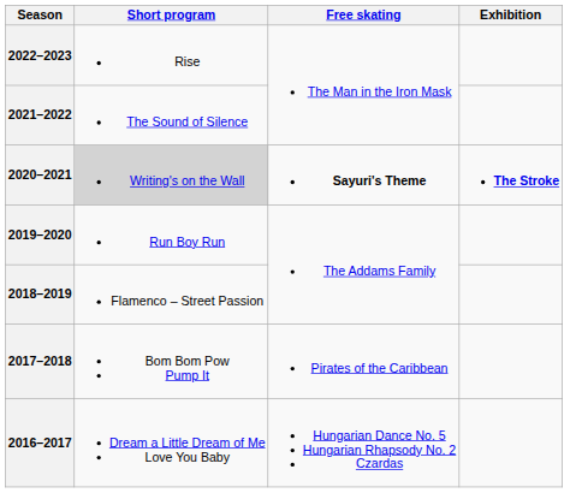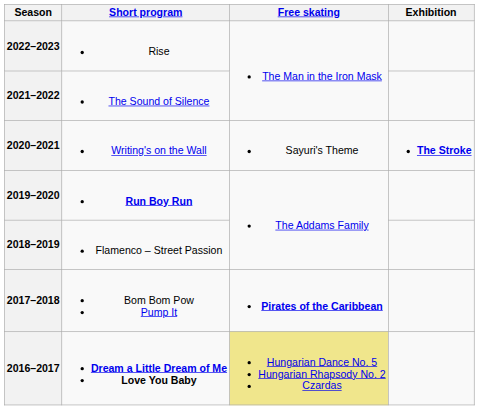 <table class="wikitable" style="text-align:center">
 <tr>
 <th>Season</th>
 <th><a href='#'>Short program</a></th>
 <th><a href='#'>Free skating</a></th>
 <th>Exhibition</th>
 </tr>
 <tr>
 <th>2022–2023 <br></th>
 <td><br><ul><li>Rise <br></li></ul></td>
 <td rowspan="2"><br><ul><li><a href='#'>The Man in the Iron Mask</a> <br></li></ul></td>
 <td></td>
 </tr>
 <tr>
 <th>2021–2022 <br></th>
 <td><br><ul><li><a href='#'>The Sound of Silence</a> <br></li></ul></td>
 <td></td>
 </tr>
 <tr>
 <th>2020–2021 <br></th>
-<td style="background: lightgrey;"><br><ul><li><a href='#'>Writing's on the Wall</a> <br></li></ul></td>
-<td><strong><br><ul><li>Sayuri's Theme <br></li></ul></strong></td>
+<td><br><ul><li><a href='#'>Writing's on the Wall</a> <br></li></ul></td>
+<td><br><ul><li>Sayuri's Theme <br></li></ul></td>
 <td><strong><br><ul><li><a href='#'>The Stroke</a> <br></li></ul></strong></td>
 </tr>
 <tr>
 <th>2019–2020 <br></th>
-<td><br><ul><li><a href='#'>Run Boy Run</a> <br></li></ul></td>
+<td><strong><br><ul><li><a href='#'>Run Boy Run</a> <br></li></ul></strong></td>
 <td rowspan="2"><br><ul><li><a href='#'>The Addams Family</a> <br></li></ul></td>
 <td></td>
 </tr>
 <tr>
 <th>2018–2019 <br></th>
 <td><br><ul><li>Flamenco – Street Passion <br></li></ul></td>
 <td></td>
 </tr>
 <tr>
 <th>2017–2018 <br></th>
 <td><br><ul><li>Bom Bom Pow <br></li><li><a href='#'>Pump It</a> <br></li></ul></td>
-<td><br><ul><li><a href='#'>Pirates of the Caribbean</a> <br></li></ul></td>
+<td><strong><br><ul><li><a href='#'>Pirates of the Caribbean</a> <br></li></ul></strong></td>
 <td></td>
 </tr>
 <tr>
 <th>2016–2017 <br></th>
-<td><br><ul><li><a href='#'>Dream a Little Dream of Me</a> <br></li><li>Love You Baby <br></li></ul></td>
-<td><br><ul><li><a href='#'>Hungarian Dance No. 5</a> <br></li><li><a href='#'>Hungarian Rhapsody No. 2</a> <br></li><li><a href='#'>Czardas</a> <br></li></ul></td>
+<td><strong><br><ul><li><a href='#'>Dream a Little Dream of Me</a> <br></li><li>Love You Baby <br></li></ul></strong></td>
+<td style="background: khaki;"><br><ul><li><a href='#'>Hungarian Dance No. 5</a> <br></li><li><a href='#'>Hungarian Rhapsody No. 2</a> <br></li><li><a href='#'>Czardas</a> <br></li></ul></td>
 <td></td>
 </tr>
 </table>
